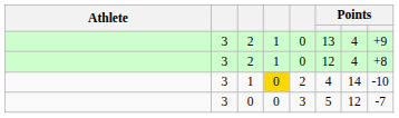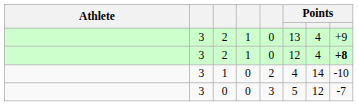 <table class="wikitable" style="text-align: center; font-size:100% ">
 <tr>
 <th rowspan=2 width=250>Athlete</th>
 <th rowspan=2 width=25></th>
 <th rowspan=2 width=25></th>
 <th rowspan=2 width=25></th>
 <th rowspan=2 width=25></th>
 <th colspan=3>Points</th>
 </tr>
 <tr>
 <th width=25></th>
 <th width=25></th>
 <th width=25></th>
 </tr>
 <tr bgcolor="ccffcc">
 <td align=left></td>
 <td>3</td>
 <td>2</td>
 <td>1</td>
 <td>0</td>
 <td>13</td>
 <td>4</td>
 <td>+9</td>
 </tr>
 <tr bgcolor="ccffcc">
 <td align=left></td>
 <td>3</td>
 <td>2</td>
 <td>1</td>
 <td>0</td>
 <td>12</td>
 <td>4</td>
-<td>+8</td>
+<td><strong>+8</strong></td>
 </tr>
 <tr>
 <td align=left></td>
 <td>3</td>
 <td>1</td>
-<td style="background: gold;">0</td>
+<td>0</td>
 <td>2</td>
 <td>4</td>
 <td>14</td>
 <td>-10</td>
 </tr>
 <tr>
 <td align=left></td>
 <td>3</td>
 <td>0</td>
 <td>0</td>
 <td>3</td>
 <td>5</td>
 <td>12</td>
 <td>-7</td>
 </tr>
 </table>
